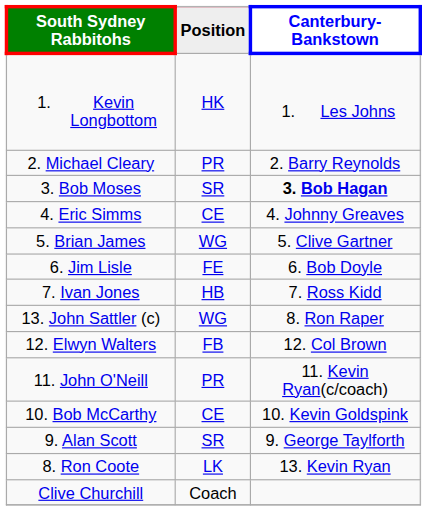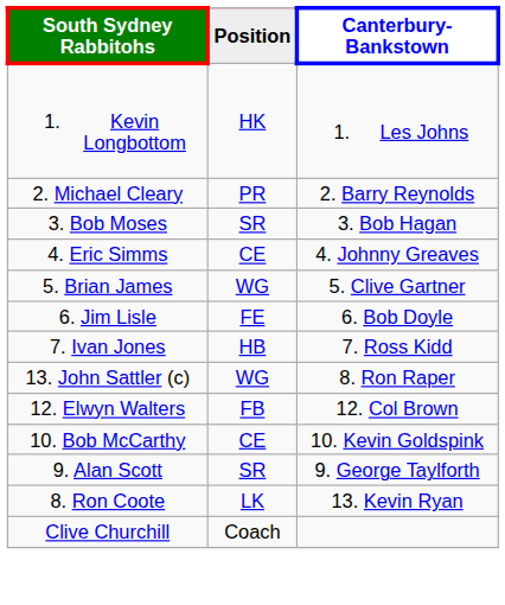 <table align="right" class="wikitable" style="font-size:90%; margin-left:1em">
 <tr bgcolor="#FF0033">
 <th style="width:140px; border:3px solid red; background: green; color: white">South Sydney Rabbitohs</th>
 <th style="width:40px; text-align:center; background:#eee; color:black;">Position</th>
 <th style="width:140px; border:3px solid blue; background: white; color: blue">Canterbury-Bankstown</th>
 </tr>
 <tr align=center>
 <td><br><ol><li><a href='#'>Kevin Longbottom</a></li></ol></td>
 <td><a href='#'>HK</a></td>
 <td><br><ol><li><a href='#'>Les Johns</a></li></ol></td>
 </tr>
 <tr align=center>
 <td>2. <a href='#'>Michael Cleary</a></td>
 <td><a href='#'>PR</a></td>
 <td>2. <a href='#'>Barry Reynolds</a></td>
 </tr>
 <tr align=center>
 <td>3. <a href='#'>Bob Moses</a></td>
 <td><a href='#'>SR</a></td>
-<td><strong>3. <a href='#'>Bob Hagan</a></strong></td>
+<td>3. <a href='#'>Bob Hagan</a></td>
 </tr>
 <tr align=center>
 <td>4. <a href='#'>Eric Simms</a></td>
 <td><a href='#'>CE</a></td>
 <td>4. <a href='#'>Johnny Greaves</a></td>
 </tr>
 <tr align=center>
 <td>5. <a href='#'>Brian James</a></td>
 <td><a href='#'>WG</a></td>
 <td>5. <a href='#'>Clive Gartner</a></td>
 </tr>
 <tr align=center>
 <td>6. <a href='#'>Jim Lisle</a></td>
 <td><a href='#'>FE</a></td>
 <td>6. <a href='#'>Bob Doyle</a></td>
 </tr>
 <tr align=center>
 <td>7. <a href='#'>Ivan Jones</a></td>
 <td><a href='#'>HB</a></td>
 <td>7. <a href='#'>Ross Kidd</a></td>
 </tr>
 <tr align=center>
 <td>13. <a href='#'>John Sattler</a> (c)</td>
 <td><a href='#'>WG</a></td>
 <td>8. <a href='#'>Ron Raper</a></td>
 </tr>
 <tr align=center>
 <td>12. <a href='#'>Elwyn Walters</a></td>
 <td><a href='#'>FB</a></td>
 <td>12. <a href='#'>Col Brown</a></td>
 </tr>
 <tr align=center>
-<td>11. <a href='#'>John O'Neill</a></td>
-<td><a href='#'>PR</a></td>
-<td>11. <a href='#'>Kevin Ryan</a>(c/coach)</td>
-</tr>
-<tr align=center>
 <td>10. <a href='#'>Bob McCarthy</a></td>
 <td><a href='#'>CE</a></td>
 <td>10. <a href='#'>Kevin Goldspink</a></td>
 </tr>
 <tr align=center>
 <td>9. <a href='#'>Alan Scott</a></td>
 <td><a href='#'>SR</a></td>
 <td>9. <a href='#'>George Taylforth</a></td>
 </tr>
 <tr align=center>
 <td>8. <a href='#'>Ron Coote</a></td>
 <td><a href='#'>LK</a></td>
 <td>13. <a href='#'>Kevin Ryan</a></td>
 </tr>
 <tr align=center>
 <td><a href='#'>Clive Churchill</a></td>
 <td>Coach</td>
 <td></td>
 </tr>
 <tr>
 </tr>
 </table>
